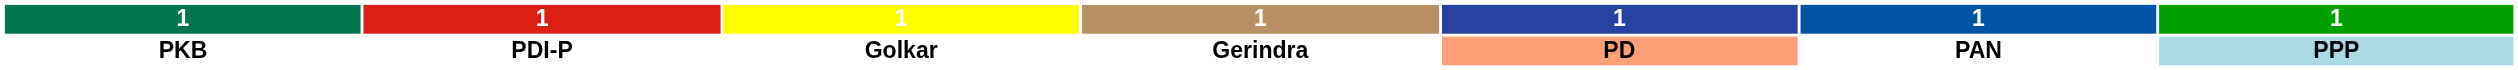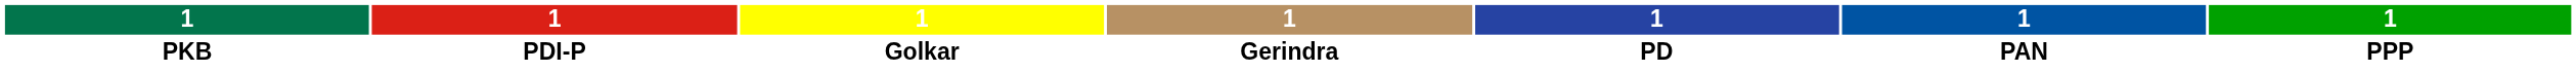 <table style="width:88%; text-align:center;">
 <tr style="color:white;">
 <td style="background:#02754C; width:14.3%;"><strong>1</strong></td>
 <td style="background:#DB2016; width:14.3%;"><strong>1</strong></td>
 <td style="background:#FFFF00; width:14.3%;"><strong>1</strong></td>
 <td style="background:#B79164; width:14.3%;"><strong>1</strong></td>
 <td style="background:#2643A3; width:14.3%;"><strong>1</strong></td>
 <td style="background:#0054A3; width:14.3%;"><strong>1</strong></td>
 <td style="background:#00A100; width:14.3%;"><strong>1</strong></td>
 </tr>
 <tr>
 <td><span><strong>PKB</strong></span></td>
 <td><span><strong>PDI-P</strong></span></td>
 <td><span><strong>Golkar</strong></span></td>
 <td><span><strong>Gerindra</strong></span></td>
-<td style="background: lightsalmon;"><span><strong>PD</strong></span></td>
+<td><span><strong>PD</strong></span></td>
 <td><span><strong>PAN</strong></span></td>
-<td style="background: lightblue;"><span><strong>PPP</strong></span></td>
+<td><span><strong>PPP</strong></span></td>
 </tr>
 </table>
